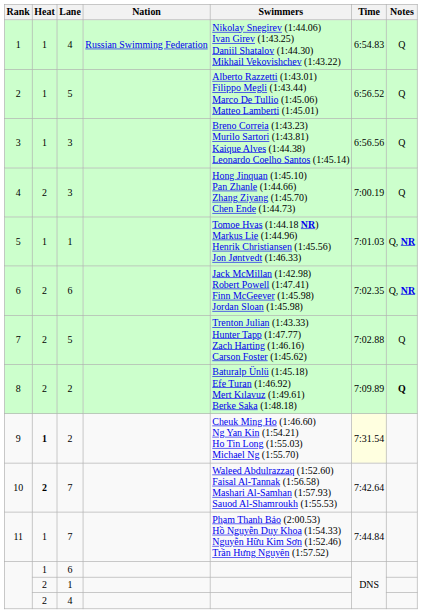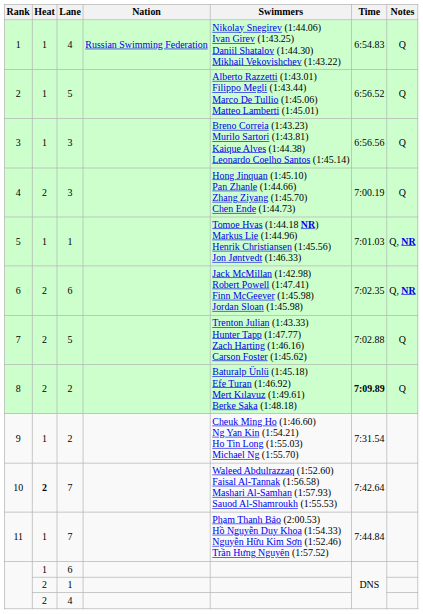 <table class="wikitable sortable" style="text-align:center">
 <tr>
 <th>Rank</th>
 <th>Heat</th>
 <th>Lane</th>
 <th>Nation</th>
 <th>Swimmers</th>
 <th>Time</th>
 <th>Notes</th>
 </tr>
 <tr bgcolor=ccffcc>
 <td>1</td>
 <td>1</td>
 <td>4</td>
 <td align=left><a href='#'>Russian Swimming Federation</a></td>
 <td align=left><a href='#'>Nikolay Snegirev</a> (1:44.06)<br><a href='#'>Ivan Girev</a> (1:43.25)<br><a href='#'>Daniil Shatalov</a> (1:44.30)<br><a href='#'>Mikhail Vekovishchev</a> (1:43.22)</td>
 <td>6:54.83</td>
 <td>Q</td>
 </tr>
 <tr bgcolor=ccffcc>
 <td>2</td>
 <td>1</td>
 <td>5</td>
 <td align=left></td>
 <td align=left><a href='#'>Alberto Razzetti</a> (1:43.01)<br><a href='#'>Filippo Megli</a> (1:43.44)<br><a href='#'>Marco De Tullio</a> (1:45.06)<br><a href='#'>Matteo Lamberti</a> (1:45.01)</td>
 <td>6:56.52</td>
 <td>Q</td>
 </tr>
 <tr bgcolor=ccffcc>
 <td>3</td>
 <td>1</td>
 <td>3</td>
 <td align=left></td>
 <td align=left><a href='#'>Breno Correia</a> (1:43.23)<br><a href='#'>Murilo Sartori</a> (1:43.81)<br><a href='#'>Kaique Alves</a> (1:44.38)<br><a href='#'>Leonardo Coelho Santos</a> (1:45.14)</td>
 <td>6:56.56</td>
 <td>Q</td>
 </tr>
 <tr bgcolor=ccffcc>
 <td>4</td>
 <td>2</td>
 <td>3</td>
 <td align=left></td>
 <td align=left><a href='#'>Hong Jinquan</a> (1:45.10)<br><a href='#'>Pan Zhanle</a> (1:44.66)<br><a href='#'>Zhang Ziyang</a> (1:45.70)<br><a href='#'>Chen Ende</a> (1:44.73)</td>
 <td>7:00.19</td>
 <td>Q</td>
 </tr>
 <tr bgcolor=ccffcc>
 <td>5</td>
 <td>1</td>
 <td>1</td>
 <td align=left></td>
 <td align=left><a href='#'>Tomoe Hvas</a> (1:44.18 <strong><a href='#'>NR</a></strong>)<br><a href='#'>Markus Lie</a> (1:44.96)<br><a href='#'>Henrik Christiansen</a> (1:45.56)<br><a href='#'>Jon Jøntvedt</a> (1:46.33)</td>
 <td>7:01.03</td>
 <td>Q, <strong><a href='#'>NR</a></strong></td>
 </tr>
 <tr bgcolor=ccffcc>
 <td>6</td>
 <td>2</td>
 <td>6</td>
 <td align=left></td>
 <td align=left><a href='#'>Jack McMillan</a> (1:42.98)<br><a href='#'>Robert Powell</a> (1:47.41)<br><a href='#'>Finn McGeever</a> (1:45.98)<br><a href='#'>Jordan Sloan</a> (1:45.98)</td>
 <td>7:02.35</td>
 <td>Q, <strong><a href='#'>NR</a></strong></td>
 </tr>
 <tr bgcolor=ccffcc>
 <td>7</td>
 <td>2</td>
 <td>5</td>
 <td align=left></td>
 <td align=left><a href='#'>Trenton Julian</a> (1:43.33)<br><a href='#'>Hunter Tapp</a> (1:47.77)<br><a href='#'>Zach Harting</a> (1:46.16)<br><a href='#'>Carson Foster</a> (1:45.62)</td>
 <td>7:02.88</td>
 <td>Q</td>
 </tr>
 <tr bgcolor=ccffcc>
 <td>8</td>
 <td>2</td>
 <td>2</td>
 <td align=left></td>
 <td align=left><a href='#'>Baturalp Ünlü</a> (1:45.18)<br><a href='#'>Efe Turan</a> (1:46.92)<br><a href='#'>Mert Kılavuz</a> (1:49.61)<br><a href='#'>Berke Saka</a> (1:48.18)</td>
-<td>7:09.89</td>
-<td><strong>Q</strong></td>
+<td><strong>7:09.89</strong></td>
+<td>Q</td>
 </tr>
 <tr>
 <td>9</td>
-<td><strong>1</strong></td>
+<td>1</td>
 <td>2</td>
 <td align=left></td>
 <td align=left><a href='#'>Cheuk Ming Ho</a> (1:46.60)<br><a href='#'>Ng Yan Kin</a> (1:54.21)<br><a href='#'>Ho Tin Long</a> (1:55.03)<br><a href='#'>Michael Ng</a> (1:55.70)</td>
-<td style="background: lightyellow;">7:31.54</td>
+<td>7:31.54</td>
 <td></td>
 </tr>
 <tr>
 <td>10</td>
 <td><strong>2</strong></td>
 <td>7</td>
 <td align=left></td>
 <td align=left><a href='#'>Waleed Abdulrazzaq</a> (1:52.60)<br><a href='#'>Faisal Al-Tannak</a> (1:56.58)<br><a href='#'>Mashari Al-Samhan</a> (1:57.93)<br><a href='#'>Sauod Al-Shamroukh</a> (1:55.53)</td>
 <td>7:42.64</td>
 <td></td>
 </tr>
 <tr>
 <td>11</td>
 <td>1</td>
 <td>7</td>
 <td align=left></td>
 <td align=left><a href='#'>Phạm Thanh Bảo</a> (2:00.53)<br><a href='#'>Hồ Nguyễn Duy Khoa</a> (1:54.33)<br><a href='#'>Nguyễn Hữu Kim Sơn</a> (1:52.46)<br><a href='#'>Trần Hưng Nguyên</a> (1:57.52)</td>
 <td>7:44.84</td>
 <td></td>
 </tr>
 <tr>
 <td rowspan=3></td>
 <td>1</td>
 <td>6</td>
 <td align=left></td>
 <td align=left></td>
 <td rowspan=3>DNS</td>
 <td></td>
 </tr>
 <tr>
 <td>2</td>
 <td>1</td>
 <td align=left></td>
 <td align=left></td>
 <td></td>
 </tr>
 <tr>
 <td>2</td>
 <td>4</td>
 <td align=left></td>
 <td align=left></td>
 <td></td>
 </tr>
 </table>
